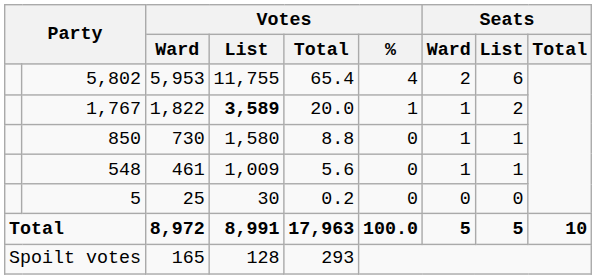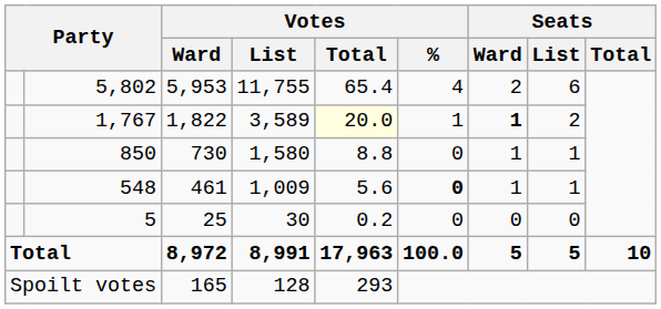 <table class=wikitable style="text-align:right">
 <tr>
 <th rowspan="2" colspan="2">Party</th>
 <th colspan="4" align="center">Votes</th>
 <th colspan="3" align="center">Seats</th>
 </tr>
 <tr>
 <th>Ward</th>
 <th>List</th>
 <th>Total</th>
 <th>%</th>
 <th>Ward</th>
 <th>List</th>
 <th>Total</th>
 </tr>
 <tr>
 <td></td>
 <td>5,802</td>
 <td>5,953</td>
 <td>11,755</td>
 <td>65.4</td>
 <td>4</td>
 <td>2</td>
 <td>6</td>
 </tr>
 <tr>
 <td></td>
 <td>1,767</td>
 <td>1,822</td>
-<td><strong>3,589</strong></td>
-<td>20.0</td>
+<td>3,589</td>
+<td style="background: lightyellow;">20.0</td>
 <td>1</td>
-<td>1</td>
+<td><strong>1</strong></td>
 <td>2</td>
 </tr>
 <tr>
 <td></td>
 <td>850</td>
 <td>730</td>
 <td>1,580</td>
 <td>8.8</td>
 <td>0</td>
 <td>1</td>
 <td>1</td>
 </tr>
 <tr>
 <td></td>
 <td>548</td>
 <td>461</td>
 <td>1,009</td>
 <td>5.6</td>
-<td>0</td>
+<td><strong>0</strong></td>
 <td>1</td>
 <td>1</td>
 </tr>
 <tr>
 <td></td>
 <td>5</td>
 <td>25</td>
 <td>30</td>
 <td>0.2</td>
 <td>0</td>
 <td>0</td>
 <td>0</td>
 </tr>
 <tr>
 <td colspan="2" style="text-align:left"><strong>Total</strong></td>
 <td><strong>8,972</strong></td>
 <td><strong>8,991</strong></td>
 <td><strong>17,963</strong></td>
 <td><strong>100.0</strong></td>
 <td><strong>5</strong></td>
 <td><strong>5</strong></td>
 <td><strong>10</strong></td>
 </tr>
 <tr>
 <td colspan="2" style="text-align:left">Spoilt votes</td>
 <td>165</td>
 <td>128</td>
 <td>293</td>
 </tr>
 </table>
